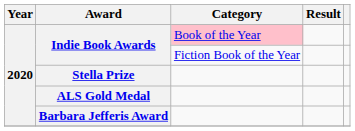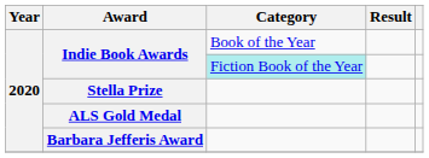 <table class="wikitable sortable">
 <tr>
 <th>Year</th>
 <th>Award</th>
 <th>Category</th>
 <th>Result</th>
 <th></th>
 </tr>
 <tr>
 <th rowspan="5">2020</th>
 <th rowspan = "2"><a href='#'>Indie Book Awards</a></th>
-<td style="background: pink;"><a href='#'>Book of the Year</a></td>
+<td><a href='#'>Book of the Year</a></td>
 <td></td>
 <td></td>
 </tr>
 <tr>
-<td><a href='#'>Fiction Book of the Year</a></td>
+<td style="background: paleturquoise;"><a href='#'>Fiction Book of the Year</a></td>
 <td></td>
 <td></td>
 </tr>
 <tr>
 <th rowspan = "1"><a href='#'>Stella Prize</a></th>
 <td></td>
 <td></td>
 <td></td>
 </tr>
 <tr>
 <th rowspan="1"><a href='#'>ALS Gold Medal</a></th>
 <td></td>
 <td></td>
 <td></td>
 </tr>
 <tr>
 <th rowspan="1"><a href='#'>Barbara Jefferis Award</a></th>
 <td></td>
 <td></td>
 <td></td>
 </tr>
 <tr>
 </tr>
 </table>
